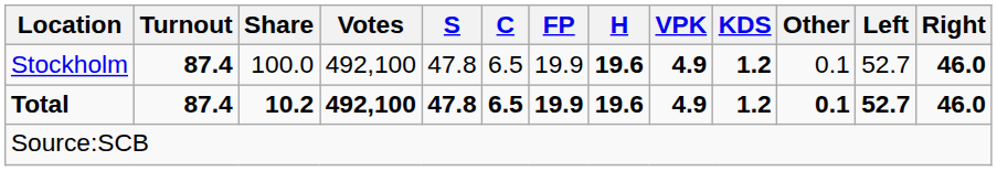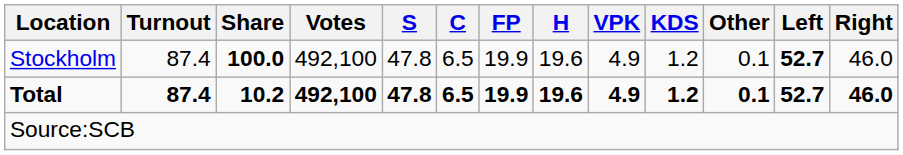 <table class="wikitable sortable" style=text-align:right>
 <tr>
 <th>Location</th>
 <th>Turnout</th>
 <th>Share</th>
 <th>Votes</th>
 <th><a href='#'>S</a></th>
 <th><a href='#'>C</a></th>
 <th><a href='#'>FP</a></th>
 <th><a href='#'>H</a></th>
 <th><a href='#'>VPK</a></th>
 <th><a href='#'>KDS</a></th>
 <th>Other</th>
 <th>Left</th>
 <th>Right</th>
 </tr>
 <tr>
 <td align=left><a href='#'>Stockholm</a></td>
-<td><strong>87.4</strong></td>
-<td>100.0</td>
+<td>87.4</td>
+<td><strong>100.0</strong></td>
 <td>492,100</td>
 <td>47.8</td>
 <td>6.5</td>
 <td>19.9</td>
-<td><strong>19.6</strong></td>
-<td><strong>4.9</strong></td>
-<td><strong>1.2</strong></td>
+<td>19.6</td>
+<td>4.9</td>
+<td>1.2</td>
 <td>0.1</td>
-<td>52.7</td>
-<td><strong>46.0</strong></td>
+<td><strong>52.7</strong></td>
+<td>46.0</td>
 </tr>
 <tr>
 <td align=left><strong>Total</strong></td>
 <td><strong>87.4</strong></td>
 <td><strong>10.2</strong></td>
 <td><strong>492,100</strong></td>
 <td><strong>47.8</strong></td>
 <td><strong>6.5</strong></td>
 <td><strong>19.9</strong></td>
 <td><strong>19.6</strong></td>
 <td><strong>4.9</strong></td>
 <td><strong>1.2</strong></td>
 <td><strong>0.1</strong></td>
 <td><strong>52.7</strong></td>
 <td><strong>46.0</strong></td>
 </tr>
 <tr>
 <td align=left colspan=13>Source:SCB </td>
 </tr>
 </table>
